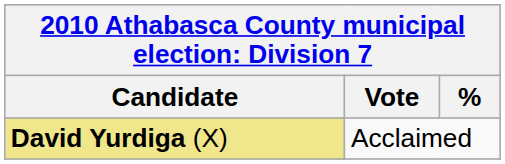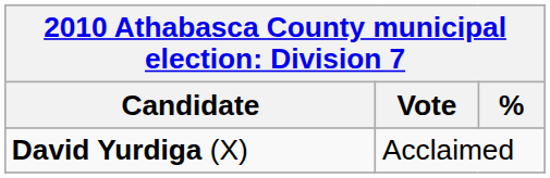 <table class="wikitable">
 <tr>
 <th colspan="3"><a href='#'>2010 Athabasca County municipal election: Division 7</a></th>
 </tr>
 <tr>
 <th bgcolor="#DDDDFF" width="200px">Candidate</th>
 <th bgcolor="#DDDDFF" width="50px">Vote</th>
 <th bgcolor="#DDDDFF" width="30px">%</th>
 </tr>
 <tr>
-<td style="background: khaki;"><strong>David Yurdiga</strong> (X)</td>
+<td><strong>David Yurdiga</strong> (X)</td>
 <td colspan="2">Acclaimed</td>
 </tr>
 </table>
